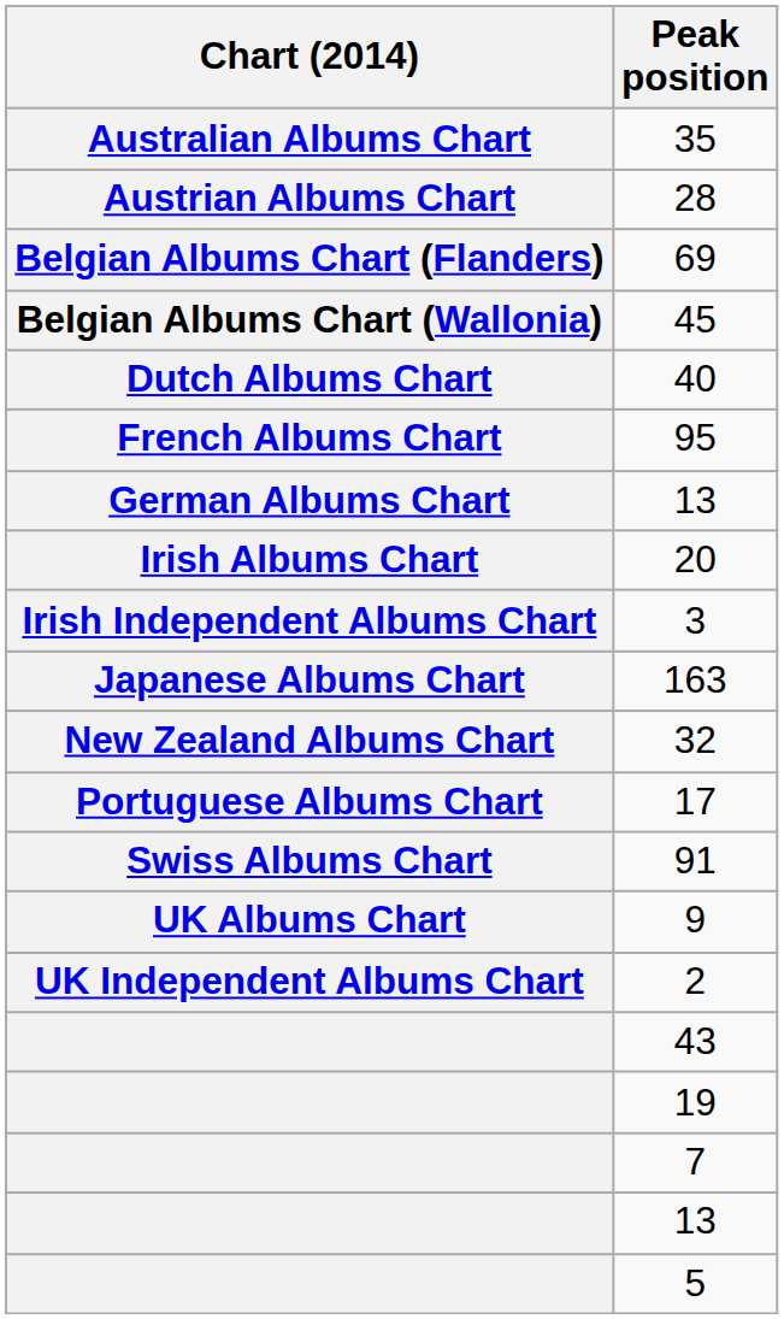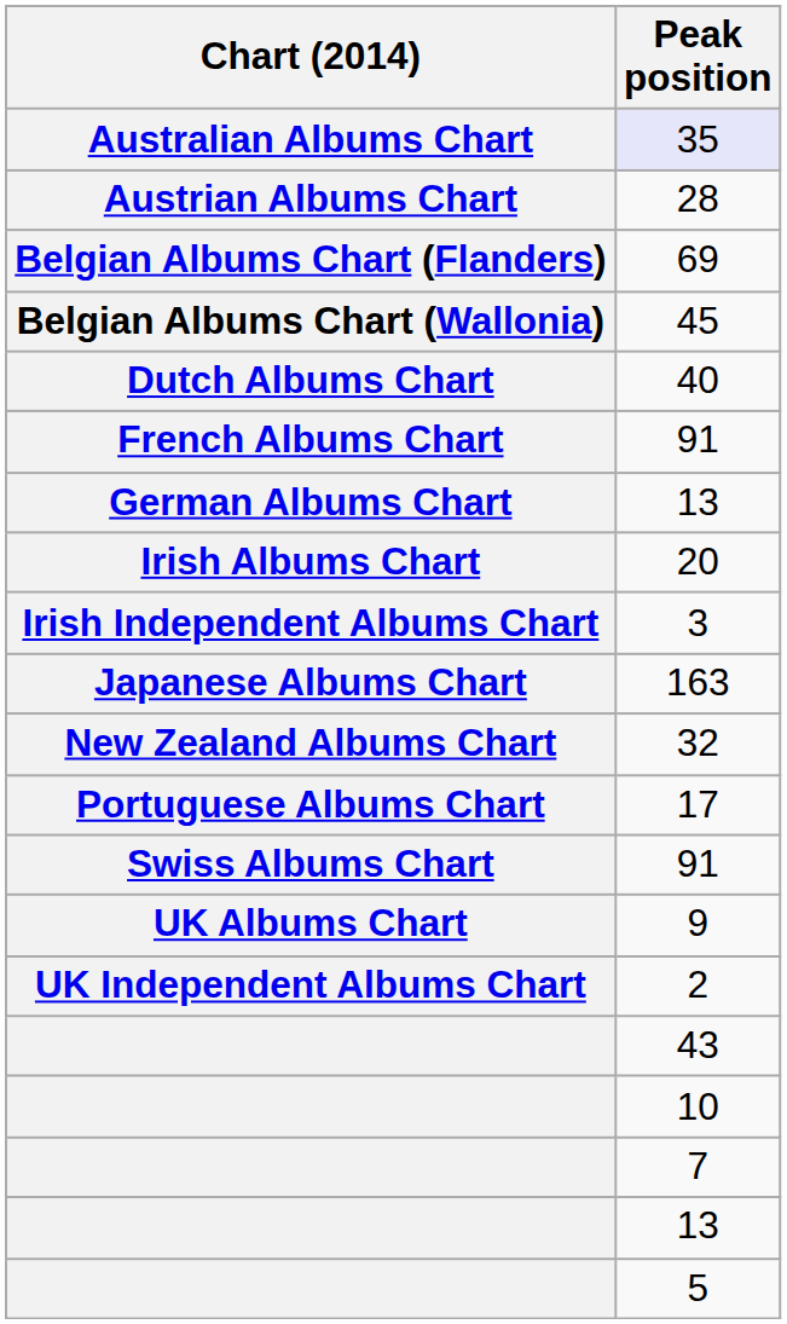 <table class="wikitable sortable plainrowheaders" style="text-align:center">
 <tr>
 <th scope="col">Chart (2014)</th>
 <th scope="col">Peak<br>position</th>
 </tr>
 <tr>
 <th scope="row"><a href='#'>Australian Albums Chart</a></th>
-<td>35</td>
+<td style="background: lavender;">35</td>
 </tr>
 <tr>
 <th scope="row"><a href='#'>Austrian Albums Chart</a></th>
 <td>28</td>
 </tr>
 <tr>
 <th scope="row"><a href='#'>Belgian Albums Chart</a> (<a href='#'>Flanders</a>)</th>
 <td>69</td>
 </tr>
 <tr>
 <th scope="row">Belgian Albums Chart (<a href='#'>Wallonia</a>)</th>
 <td>45</td>
 </tr>
 <tr>
 <th scope="row"><a href='#'>Dutch Albums Chart</a></th>
 <td>40</td>
 </tr>
 <tr>
 <th scope="row"><a href='#'>French Albums Chart</a></th>
-<td>95</td>
+<td>91</td>
 </tr>
 <tr>
 <th scope="row"><a href='#'>German Albums Chart</a></th>
 <td>13</td>
 </tr>
 <tr>
 <th scope="row"><a href='#'>Irish Albums Chart</a></th>
 <td>20</td>
 </tr>
 <tr>
 <th scope="row"><a href='#'>Irish Independent Albums Chart</a></th>
 <td>3</td>
 </tr>
 <tr>
 <th scope="row"><a href='#'>Japanese Albums Chart</a></th>
 <td>163</td>
 </tr>
 <tr>
 <th scope="row"><a href='#'>New Zealand Albums Chart</a></th>
 <td>32</td>
 </tr>
 <tr>
 <th scope="row"><a href='#'>Portuguese Albums Chart</a></th>
 <td>17</td>
 </tr>
 <tr>
 <th scope="row"><a href='#'>Swiss Albums Chart</a></th>
 <td>91</td>
 </tr>
 <tr>
 <th scope="row"><a href='#'>UK Albums Chart</a></th>
 <td>9</td>
 </tr>
 <tr>
 <th scope="row"><a href='#'>UK Independent Albums Chart</a></th>
 <td>2</td>
 </tr>
 <tr>
 <th scope="row"></th>
 <td>43</td>
 </tr>
 <tr>
 <th scope="row"></th>
-<td>19</td>
+<td>10</td>
 </tr>
 <tr>
 <th scope="row"></th>
 <td>7</td>
 </tr>
 <tr>
 <th scope="row"></th>
 <td>13</td>
 </tr>
 <tr>
 <th scope="row"></th>
 <td>5</td>
 </tr>
 </table>
